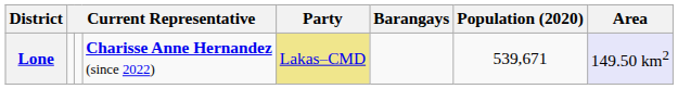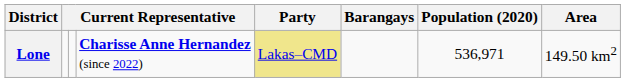 <table class="wikitable sortable" style="margin: 1em auto; font-size:100%; line-height:20px; text-align:center">
 <tr>
 <th>District</th>
 <th colspan="3">Current Representative</th>
 <th>Party</th>
 <th>Barangays</th>
 <th>Population (2020)</th>
 <th>Area</th>
 </tr>
 <tr>
 <th><a href='#'>Lone</a></th>
 <td style="background:"></td>
 <td></td>
 <td style="text-align:left;"><strong><a href='#'>Charisse Anne Hernandez</a></strong><br><small>(since <a href='#'>2022</a>)</small></td>
 <td style="background: khaki;"><a href='#'>Lakas–CMD</a></td>
 <td></td>
-<td>539,671</td>
-<td style="background: lavender;">149.50 km<sup>2</sup></td>
+<td>536,971</td>
+<td>149.50 km<sup>2</sup></td>
 </tr>
 </table>
